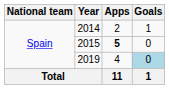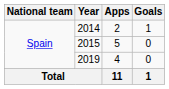 <table class="wikitable" style="text-align:center">
 <tr>
 <th>National team</th>
 <th>Year</th>
 <th>Apps</th>
 <th>Goals</th>
 </tr>
 <tr>
 <td rowspan="3"><a href='#'>Spain</a></td>
 <td>2014</td>
 <td>2</td>
 <td>1</td>
 </tr>
 <tr>
 <td>2015</td>
-<td><strong>5</strong></td>
+<td>5</td>
 <td>0</td>
 </tr>
 <tr>
 <td>2019</td>
 <td>4</td>
-<td style="background: lightblue;">0</td>
+<td>0</td>
 </tr>
 <tr>
 <th colspan="2">Total</th>
 <th>11</th>
 <th>1</th>
 </tr>
 </table>
